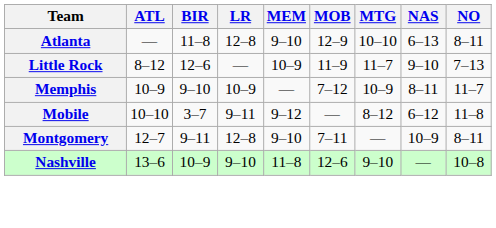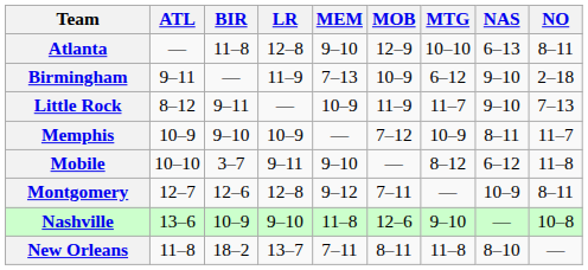 <table class="wikitable sortable plainrowheaders" style="text-align:center;">
 <tr>
 <th scope="col" width="120px">Team</th>
 <th scope="col" width="40px"><a href='#'>ATL</a></th>
 <th scope="col" width="40px"><a href='#'>BIR</a></th>
 <th scope="col" width="40px"><a href='#'>LR</a></th>
 <th scope="col" width="40px"><a href='#'>MEM</a></th>
 <th scope="col" width="40px"><a href='#'>MOB</a></th>
 <th scope="col" width="40px"><a href='#'>MTG</a></th>
 <th scope="col" width="40px"><a href='#'>NAS</a></th>
 <th scope="col" width="40px"><a href='#'>NO</a></th>
 </tr>
 <tr>
 <th scope="row" style="text-align:center;"><a href='#'>Atlanta</a></th>
 <td>—</td>
 <td>11–8</td>
 <td>12–8</td>
 <td>9–10</td>
 <td>12–9</td>
 <td>10–10</td>
 <td>6–13</td>
 <td>8–11</td>
 </tr>
 <tr>
+<th scope="row" style="text-align:center;"><a href='#'>Birmingham</a></th>
+<td>9–11</td>
+<td>—</td>
+<td>11–9</td>
+<td>7–13</td>
+<td>10–9</td>
+<td>6–12</td>
+<td>9–10</td>
+<td>2–18</td>
+</tr>
+<tr>
 <th scope="row" style="text-align:center;"><a href='#'>Little Rock</a></th>
 <td>8–12</td>
-<td>12–6</td>
+<td>9–11</td>
 <td>—</td>
 <td>10–9</td>
 <td>11–9</td>
 <td>11–7</td>
 <td>9–10</td>
 <td>7–13</td>
 </tr>
 <tr>
 <th scope="row" style="text-align:center;"><a href='#'>Memphis</a></th>
 <td>10–9</td>
 <td>9–10</td>
 <td>10–9</td>
 <td>—</td>
 <td>7–12</td>
 <td>10–9</td>
 <td>8–11</td>
 <td>11–7</td>
 </tr>
 <tr>
 <th scope="row" style="text-align:center;"><a href='#'>Mobile</a></th>
 <td>10–10</td>
 <td>3–7</td>
 <td>9–11</td>
-<td>9–12</td>
+<td>9–10</td>
 <td>—</td>
 <td>8–12</td>
 <td>6–12</td>
 <td>11–8</td>
 </tr>
 <tr>
 <th scope="row" style="text-align:center;"><a href='#'>Montgomery</a></th>
 <td>12–7</td>
-<td>9–11</td>
+<td>12–6</td>
 <td>12–8</td>
-<td>9–10</td>
+<td>9–12</td>
 <td>7–11</td>
 <td>—</td>
 <td>10–9</td>
 <td>8–11</td>
 </tr>
 <tr style="background-color:#ccffcc">
 <th scope="row" style="text-align:center; background:#ccffcc"><a href='#'>Nashville</a></th>
 <td>13–6</td>
 <td>10–9</td>
 <td>9–10</td>
 <td>11–8</td>
 <td>12–6</td>
 <td>9–10</td>
 <td>—</td>
 <td>10–8</td>
 </tr>
+<tr>
+<th scope="row" style="text-align:center;"><a href='#'>New Orleans</a></th>
+<td>11–8</td>
+<td>18–2</td>
+<td>13–7</td>
+<td>7–11</td>
+<td>8–11</td>
+<td>11–8</td>
+<td>8–10</td>
+<td>—</td>
+</tr>
 </table>
